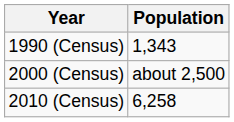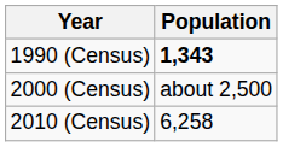 <table class = "wikitable">
 <tr>
 <th>Year</th>
 <th>Population</th>
 </tr>
 <tr>
 <td>1990 (Census)</td>
-<td>1,343</td>
+<td><strong>1,343</strong></td>
 </tr>
 <tr>
 <td>2000 (Census)</td>
 <td>about 2,500</td>
 </tr>
 <tr>
 <td>2010 (Census)</td>
 <td>6,258</td>
 </tr>
 </table>
